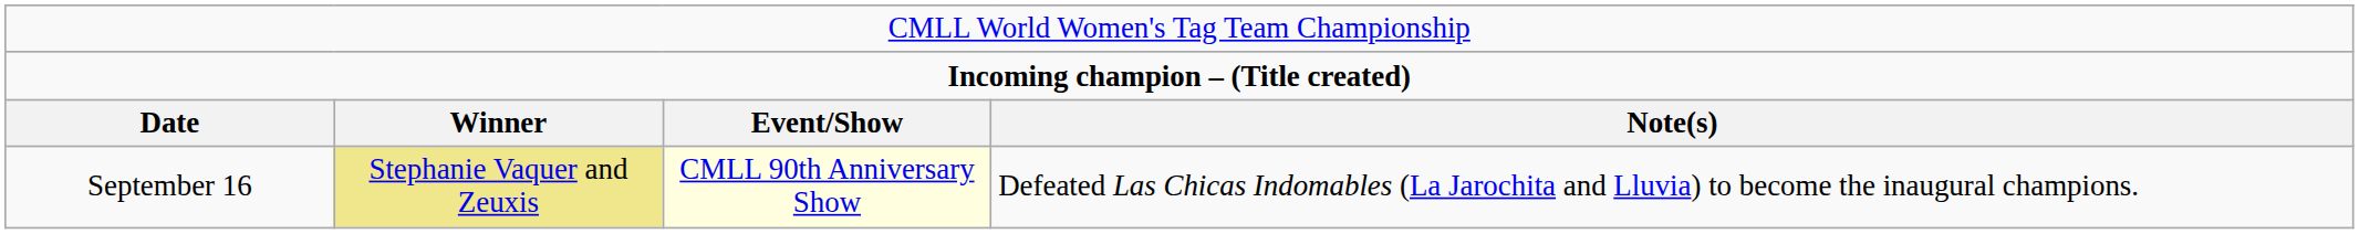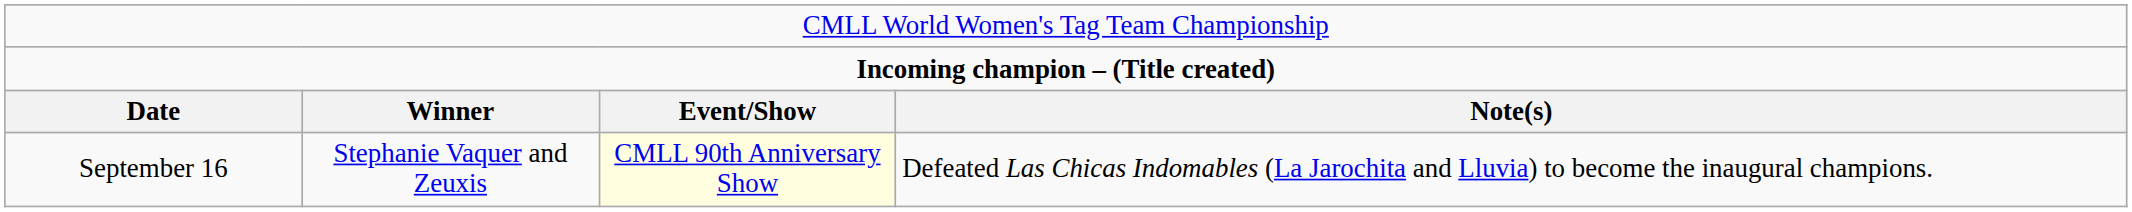 <table class="wikitable" style="text-align:center; width:100%;">
 <tr>
 <td colspan="5" style="text-align: center;"><a href='#'>CMLL World Women's Tag Team Championship</a></td>
 </tr>
 <tr>
 <td colspan="5" style="text-align: center;"><strong>Incoming champion – (Title created)</strong></td>
 </tr>
 <tr>
 <th width=14%>Date</th>
 <th width=14%>Winner</th>
 <th width=14%>Event/Show</th>
 <th width=58%>Note(s)</th>
 </tr>
 <tr>
 <td>September 16</td>
-<td style="background: khaki;"><a href='#'>Stephanie Vaquer</a> and <a href='#'>Zeuxis</a></td>
+<td><a href='#'>Stephanie Vaquer</a> and <a href='#'>Zeuxis</a></td>
 <td style="background: lightyellow;"><a href='#'>CMLL 90th Anniversary Show</a></td>
 <td align=left>Defeated <em>Las Chicas Indomables</em> (<a href='#'>La Jarochita</a> and <a href='#'>Lluvia</a>) to become the inaugural champions.</td>
 </tr>
 </table>
